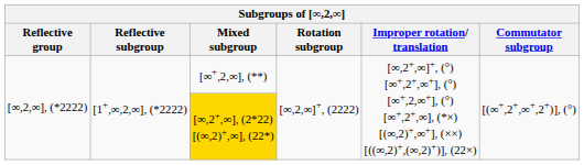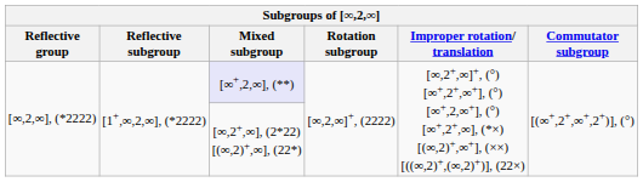 <table class="wikitable collapsible collapsed" style="text-align:center;">
 <tr>
 <th colspan=12>Subgroups of [∞,2,∞]</th>
 </tr>
 <tr>
 <th>Reflective<br>group</th>
 <th>Reflective<br>subgroup</th>
 <th>Mixed<br>subgroup</th>
 <th>Rotation<br>subgroup</th>
 <th><a href='#'>Improper rotation</a>/<br><a href='#'>translation</a></th>
 <th><a href='#'>Commutator<br>subgroup</a></th>
 </tr>
 <tr>
 <td rowspan=2>[∞,2,∞], (*2222)</td>
 <td rowspan=2>[1<sup>+</sup>,∞,2,∞], (*2222)</td>
-<td>[∞<sup>+</sup>,2,∞], (**)</td>
+<td style="background: lavender;">[∞<sup>+</sup>,2,∞], (**)</td>
 <td rowspan=2>[∞,2,∞]<sup>+</sup>, (2222)</td>
 <td rowspan=2>[∞,2<sup>+</sup>,∞]<sup>+</sup>, (°)<br>[∞<sup>+</sup>,2<sup>+</sup>,∞<sup>+</sup>], (°)<br>[∞<sup>+</sup>,2,∞<sup>+</sup>], (°)<br>[∞<sup>+</sup>,2<sup>+</sup>,∞], (*×)<br>[(∞,2)<sup>+</sup>,∞<sup>+</sup>], (××)<br>[((∞,2)<sup>+</sup>,(∞,2)<sup>+</sup>)], (22×)</td>
 <td rowspan=2>[(∞<sup>+</sup>,2<sup>+</sup>,∞<sup>+</sup>,2<sup>+</sup>)], (°)</td>
 </tr>
 <tr>
-<td style="background: gold;">[∞,2<sup>+</sup>,∞], (2*22)<br>[(∞,2)<sup>+</sup>,∞], (22*)</td>
+<td>[∞,2<sup>+</sup>,∞], (2*22)<br>[(∞,2)<sup>+</sup>,∞], (22*)</td>
 </tr>
 </table>
